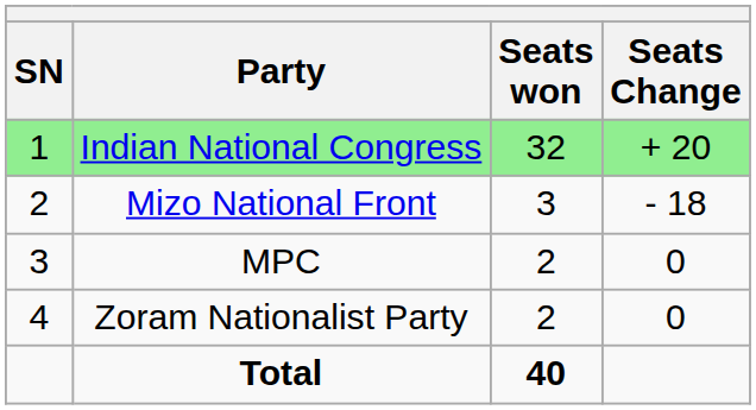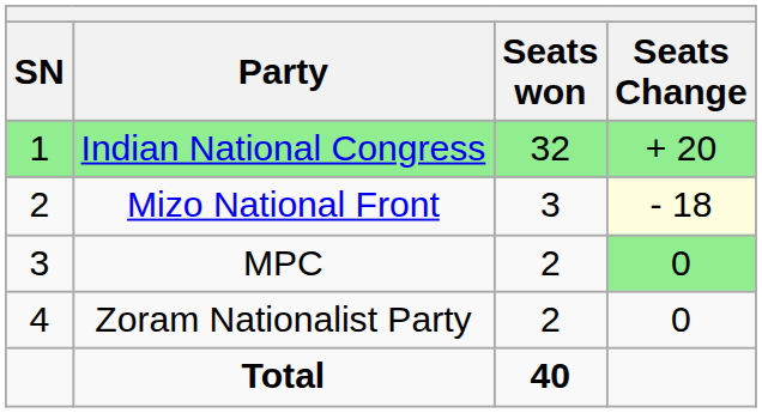 <table class="wikitable sortable" style="text-align:center;">
 <tr>
 <th colspan=4></th>
 </tr>
 <tr bgcolor="#cccccc">
 <th>SN</th>
 <th>Party</th>
 <th>Seats<br>won</th>
 <th>Seats<br>Change</th>
 </tr>
 <tr style="background: #90EE90;">
 <td>1</td>
 <td><a href='#'>Indian National Congress</a></td>
 <td>32</td>
 <td>+ 20</td>
 </tr>
 <tr>
 <td>2</td>
 <td><a href='#'>Mizo National Front</a></td>
 <td>3</td>
-<td>- 18</td>
+<td style="background: lightyellow;">- 18</td>
 </tr>
 <tr>
 <td>3</td>
 <td>MPC</td>
 <td>2</td>
-<td>0</td>
+<td style="background: lightgreen;">0</td>
 </tr>
 <tr>
 <td>4</td>
 <td>Zoram Nationalist Party</td>
 <td>2</td>
 <td>0</td>
 </tr>
 <tr>
 <td></td>
 <td><strong>Total</strong></td>
 <td><strong>40</strong></td>
 <td></td>
 </tr>
 </table>
